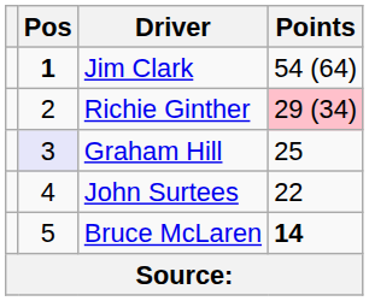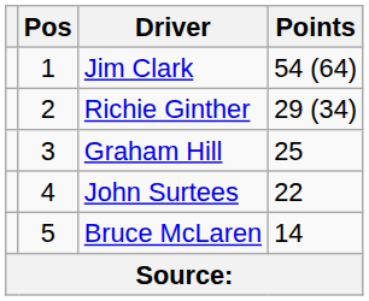 <table class="wikitable" style="font-size: 95%;">
 <tr>
 <th></th>
 <th>Pos</th>
 <th>Driver</th>
 <th>Points</th>
 </tr>
 <tr>
 <td align="left"></td>
-<td align="center"><strong>1</strong></td>
+<td align="center">1</td>
 <td> <a href='#'>Jim Clark</a></td>
 <td align=left>54 (64)</td>
 </tr>
 <tr>
 <td align="left"></td>
 <td align="center">2</td>
 <td> <a href='#'>Richie Ginther</a></td>
-<td align=left style="background: pink;">29 (34)</td>
+<td align=left>29 (34)</td>
 </tr>
 <tr>
 <td align="left"></td>
-<td align="center" style="background: lavender;">3</td>
+<td align="center">3</td>
 <td> <a href='#'>Graham Hill</a></td>
 <td align=left>25</td>
 </tr>
 <tr>
 <td align="left"></td>
 <td align="center">4</td>
 <td> <a href='#'>John Surtees</a></td>
 <td align=left>22</td>
 </tr>
 <tr>
 <td align="left"></td>
 <td align="center">5</td>
 <td> <a href='#'>Bruce McLaren</a></td>
-<td align=left><strong>14</strong></td>
+<td align=left>14</td>
 </tr>
 <tr>
 <th colspan=4>Source: </th>
 </tr>
 </table>
